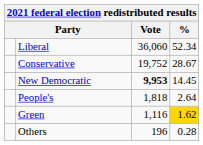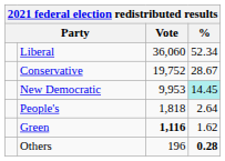 <table class="wikitable">
 <tr>
 <th colspan="4"><a href='#'>2021 federal election</a> redistributed results</th>
 </tr>
 <tr>
 <th bgcolor="#DDDDFF" width="130px" colspan="2">Party</th>
 <th bgcolor="#DDDDFF" width="50px">Vote</th>
 <th bgcolor="#DDDDFF" width="30px">%</th>
 </tr>
 <tr>
 <td> </td>
 <td><a href='#'>Liberal</a></td>
 <td align=right>36,060</td>
 <td align=right>52.34</td>
 </tr>
 <tr>
 <td> </td>
 <td><a href='#'>Conservative</a></td>
 <td align=right>19,752</td>
 <td align=right>28.67</td>
 </tr>
 <tr>
 <td> </td>
 <td><a href='#'>New Democratic</a></td>
-<td align=right><strong>9,953</strong></td>
-<td align=right>14.45</td>
+<td align=right>9,953</td>
+<td align=right style="background: paleturquoise;">14.45</td>
 </tr>
 <tr>
 <td> </td>
 <td><a href='#'>People's</a></td>
 <td align=right>1,818</td>
 <td align=right>2.64</td>
 </tr>
 <tr>
 <td> </td>
 <td><a href='#'>Green</a></td>
-<td align=right>1,116</td>
-<td align=right style="background: gold;">1.62</td>
+<td align=right><strong>1,116</strong></td>
+<td align=right>1.62</td>
 </tr>
 <tr>
 <td> </td>
 <td>Others</td>
 <td align=right>196</td>
-<td align=right>0.28</td>
+<td align=right><strong>0.28</strong></td>
 </tr>
 </table>
